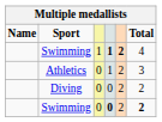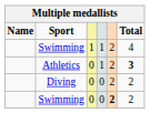 <table class="wikitable" style="font-size:85%; float:right;">
 <tr style="background:#efefef;">
 <th colspan=7>Multiple medallists</th>
 </tr>
 <tr align=center>
 <td><strong>Name</strong></td>
 <td><strong>Sport</strong></td>
 <td style="background:#f7f6a8;"></td>
 <td style="background:#dce5e5;"></td>
 <td style="background:#ffdab9;"></td>
 <td><strong>Total</strong></td>
 </tr>
 <tr align=center>
 <td></td>
 <td><a href='#'>Swimming</a></td>
 <td style="background:#f7f6a8;">1</td>
-<td style="background:#dce5e5;"><strong>1</strong></td>
-<td style="background:#ffdab9;"><strong>2</strong></td>
+<td style="background:#dce5e5;">1</td>
+<td style="background:#ffdab9;">2</td>
 <td>4</td>
 </tr>
 <tr align=center>
 <td></td>
 <td><a href='#'>Athletics</a></td>
 <td style="background:#f7f6a8;">0</td>
 <td style="background:#dce5e5;">1</td>
 <td style="background:#ffdab9;">2</td>
-<td>3</td>
+<td><strong>3</strong></td>
 </tr>
 <tr align=center>
 <td></td>
 <td><a href='#'>Diving</a></td>
 <td style="background:#f7f6a8;">0</td>
 <td style="background:#dce5e5;">0</td>
 <td style="background:#ffdab9;">2</td>
 <td>2</td>
 </tr>
 <tr align=center>
 <td></td>
 <td><a href='#'>Swimming</a></td>
 <td style="background:#f7f6a8;">0</td>
-<td style="background:#dce5e5;"><strong>0</strong></td>
-<td style="background:#ffdab9;">2</td>
-<td><strong>2</strong></td>
+<td style="background:#dce5e5;">0</td>
+<td style="background:#ffdab9;"><strong>2</strong></td>
+<td>2</td>
 </tr>
 </table>
